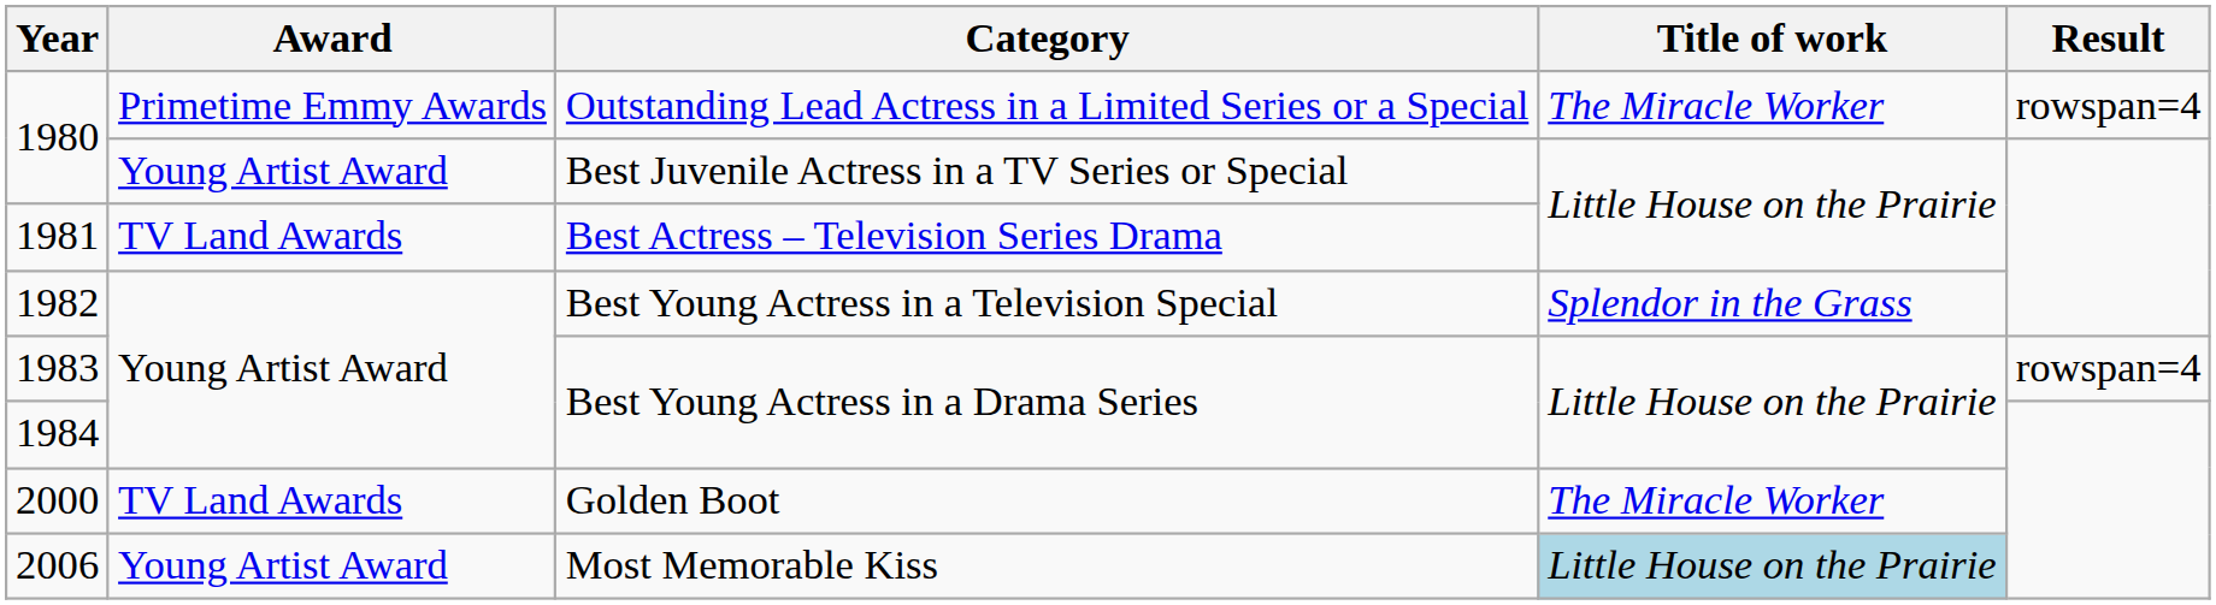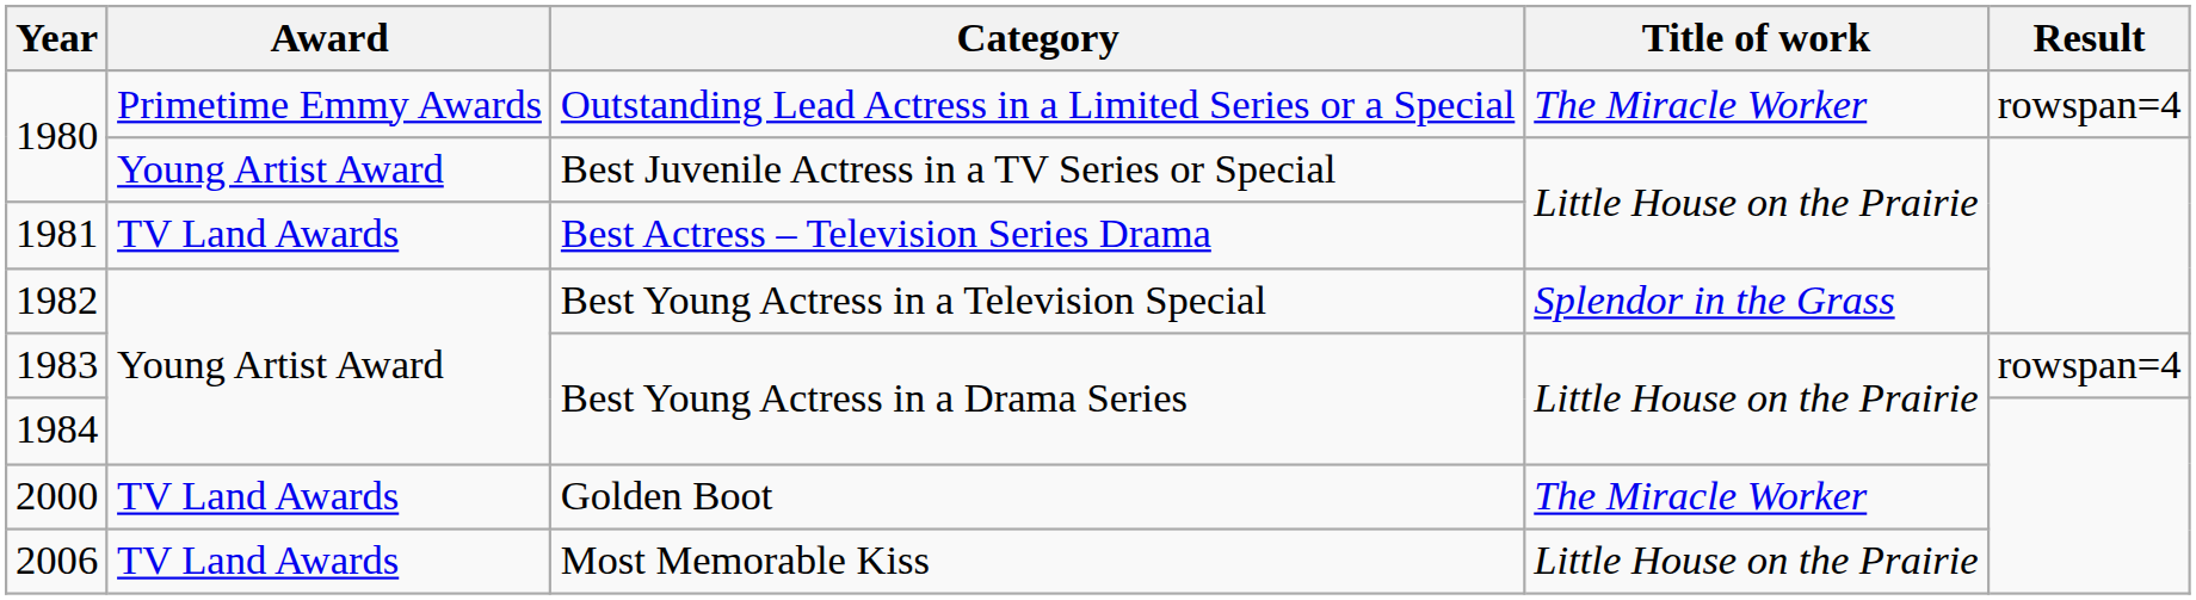 <table class="wikitable sortable">
 <tr>
 <th>Year</th>
 <th>Award</th>
 <th>Category</th>
 <th>Title of work</th>
 <th>Result</th>
 </tr>
 <tr>
 <td rowspan=2>1980</td>
 <td><a href='#'>Primetime Emmy Awards</a></td>
 <td><a href='#'>Outstanding Lead Actress in a Limited Series or a Special</a></td>
 <td><em><a href='#'>The Miracle Worker</a></em></td>
 <td>rowspan=4 </td>
 </tr>
 <tr>
 <td><a href='#'>Young Artist Award</a></td>
 <td>Best Juvenile Actress in a TV Series or Special</td>
 <td rowspan=2><em>Little House on the Prairie</em></td>
 </tr>
 <tr>
 <td>1981</td>
 <td><a href='#'>TV Land Awards</a></td>
 <td><a href='#'>Best Actress – Television Series Drama</a></td>
 </tr>
 <tr>
 <td>1982</td>
 <td rowspan=3>Young Artist Award</td>
 <td>Best Young Actress in a Television Special</td>
 <td><em><a href='#'>Splendor in the Grass</a></em></td>
 </tr>
 <tr>
 <td>1983</td>
 <td rowspan=2>Best Young Actress in a Drama Series</td>
 <td rowspan=2><em>Little House on the Prairie</em></td>
 <td>rowspan=4 </td>
 </tr>
 <tr>
 <td>1984</td>
 </tr>
 <tr>
 <td>2000</td>
 <td><a href='#'>TV Land Awards</a></td>
 <td>Golden Boot</td>
 <td><em><a href='#'>The Miracle Worker</a></em></td>
 </tr>
 <tr>
 <td>2006</td>
-<td><a href='#'>Young Artist Award</a></td>
+<td><a href='#'>TV Land Awards</a></td>
 <td>Most Memorable Kiss</td>
-<td style="background: lightblue;"><em>Little House on the Prairie</em></td>
+<td><em>Little House on the Prairie</em></td>
 </tr>
 </table>
